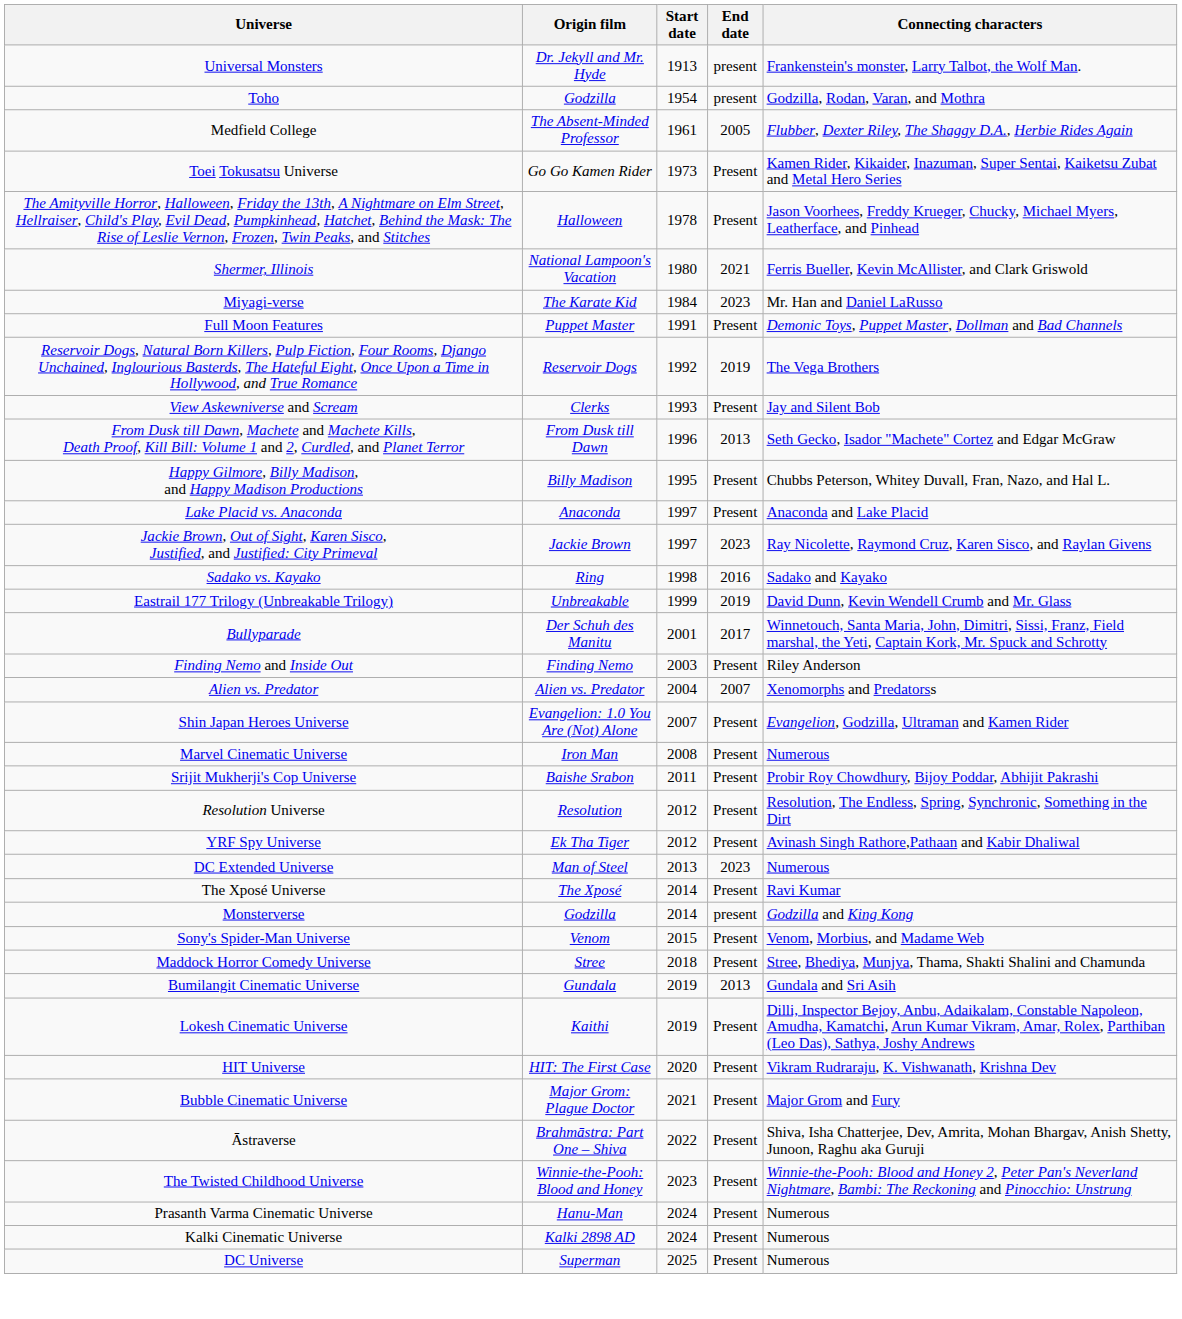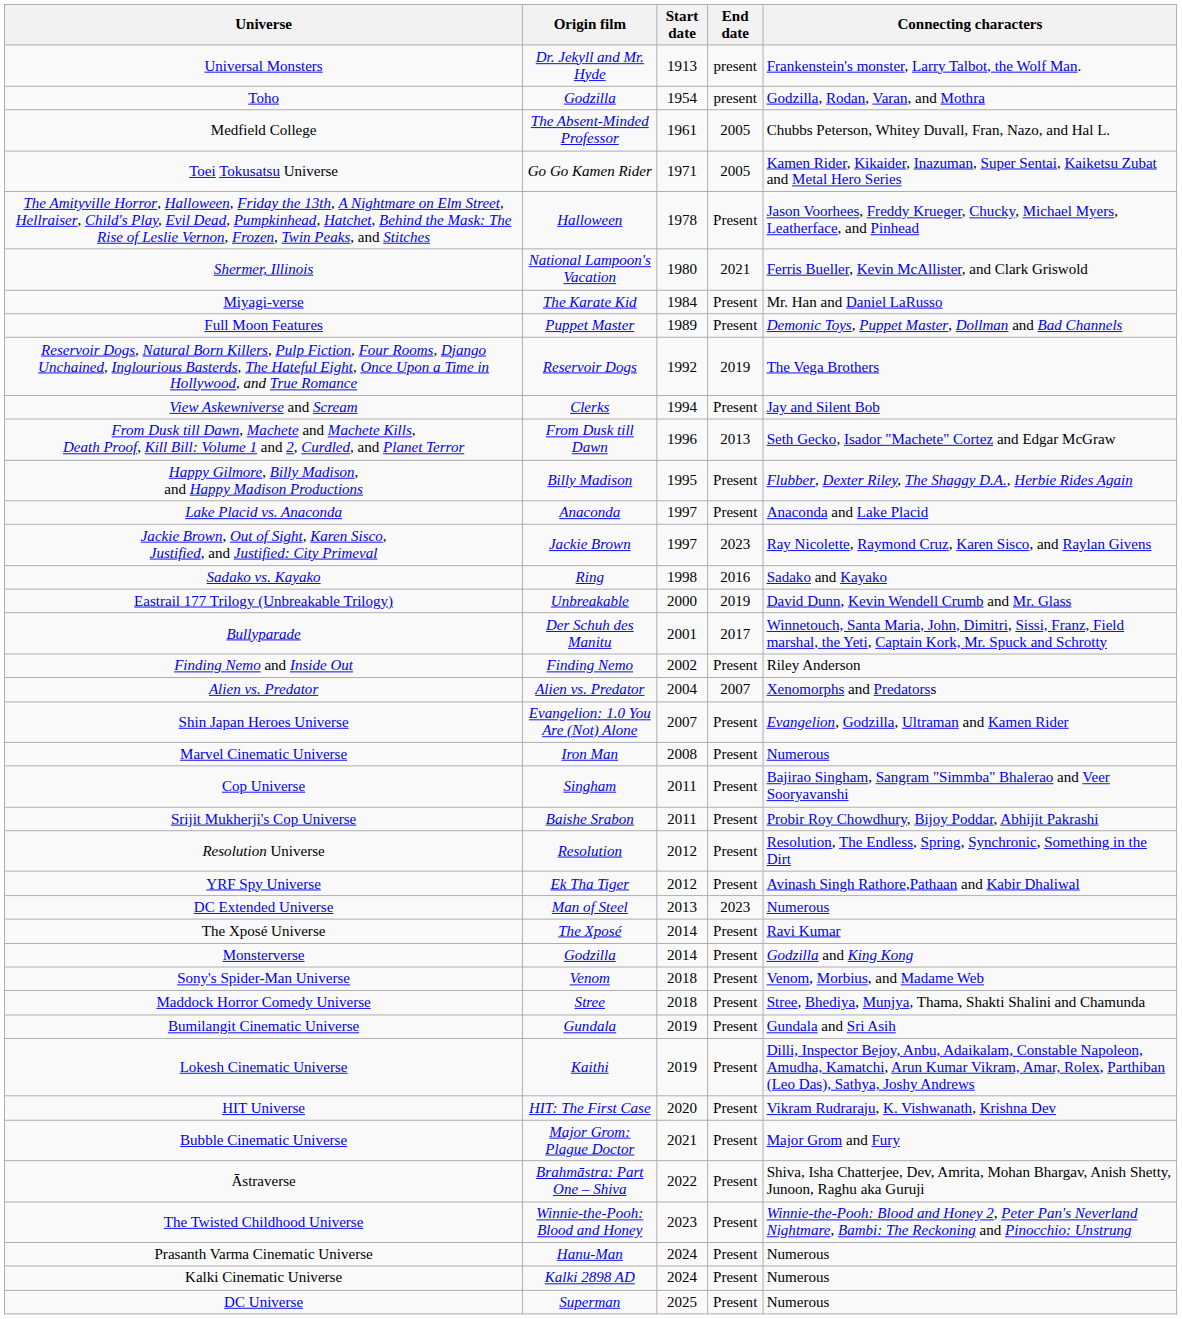 <table class="wikitable sortable">
 <tr>
 <th>Universe</th>
 <th>Origin film</th>
 <th>Start date</th>
 <th>End date</th>
 <th>Connecting characters</th>
 </tr>
 <tr>
 <td style="text-align:center;"><a href='#'>Universal Monsters</a></td>
 <td style="text-align:center;"><em><a href='#'>Dr. Jekyll and Mr. Hyde</a></em></td>
 <td style="text-align:center;">1913</td>
 <td style="text-align:center;">present</td>
 <td><a href='#'>Frankenstein's monster</a>, <a href='#'>Larry Talbot, the Wolf Man</a>.</td>
 </tr>
 <tr>
 <td style="text-align:center;"><a href='#'>Toho</a></td>
 <td style="text-align:center;"><em><a href='#'>Godzilla</a></em></td>
 <td style="text-align:center;">1954</td>
 <td style="text-align:center;">present</td>
 <td><a href='#'>Godzilla</a>, <a href='#'>Rodan</a>, <a href='#'>Varan</a>, and <a href='#'>Mothra</a></td>
 </tr>
 <tr>
 <td style="text-align:center;">Medfield College</td>
 <td style="text-align:center;"><em><a href='#'>The Absent-Minded Professor</a></em></td>
 <td style="text-align:center;">1961</td>
 <td style="text-align:center;">2005</td>
-<td><em><a href='#'>Flubber</a></em>, <a href='#'><em>Dexter Riley</em></a><em>, <a href='#'>The Shaggy D.A.</a>, <a href='#'>Herbie Rides Again</a></em></td>
+<td>Chubbs Peterson, Whitey Duvall, Fran, Nazo, and Hal L.</td>
 </tr>
 <tr>
 <td style="text-align:center;"><a href='#'>Toei</a> <a href='#'>Tokusatsu</a> Universe</td>
 <td style="text-align:center;"><em>Go Go Kamen Rider</em></td>
-<td style="text-align:center;">1973</td>
-<td style="text-align:center;">Present</td>
+<td style="text-align:center;">1971</td>
+<td style="text-align:center;">2005</td>
 <td><a href='#'>Kamen Rider</a>, <a href='#'>Kikaider</a>, <a href='#'>Inazuman</a>, <a href='#'>Super Sentai</a>, <a href='#'>Kaiketsu Zubat</a> and <a href='#'>Metal Hero Series</a></td>
 </tr>
 <tr>
 <td style="text-align:center;"><em><a href='#'>The Amityville Horror</a></em>, <em><a href='#'>Halloween</a></em>, <em><a href='#'>Friday the 13th</a></em>, <em><a href='#'>A Nightmare on Elm Street</a></em>, <em><a href='#'>Hellraiser</a></em>, <em><a href='#'>Child's Play</a>, <a href='#'>Evil Dead</a>, <a href='#'>Pumpkinhead</a>,</em> <em><a href='#'>Hatchet</a></em>, <em><a href='#'>Behind the Mask: The Rise of Leslie Vernon</a></em>, <em><a href='#'>Frozen</a></em>, <a href='#'><em>Twin Peaks</em></a>, and <em><a href='#'>Stitches</a></em></td>
 <td style="text-align:center;"><em><a href='#'>Halloween</a></em></td>
 <td style="text-align:center;">1978</td>
 <td style="text-align:center;">Present</td>
 <td><a href='#'>Jason Voorhees</a>, <a href='#'>Freddy Krueger</a>, <a href='#'>Chucky</a>, <a href='#'>Michael Myers</a>, <a href='#'>Leatherface</a>, and <a href='#'>Pinhead</a></td>
 </tr>
 <tr>
 <td style="text-align:center;"><em><a href='#'>Shermer, Illinois</a></em></td>
 <td style="text-align:center;"><em><a href='#'>National Lampoon's Vacation</a></em></td>
 <td style="text-align:center;">1980</td>
 <td style="text-align:center;">2021</td>
 <td><a href='#'>Ferris Bueller</a>, <a href='#'>Kevin McAllister</a>, and Clark Griswold</td>
 </tr>
 <tr>
 <td style="text-align:center;"><a href='#'>Miyagi-verse</a></td>
 <td style="text-align:center;"><em><a href='#'>The Karate Kid</a></em></td>
 <td style="text-align:center;">1984</td>
-<td style="text-align:center;">2023</td>
+<td style="text-align:center;">Present</td>
 <td>Mr. Han and <a href='#'>Daniel LaRusso</a></td>
 </tr>
 <tr>
 <td style="text-align:center;"><a href='#'>Full Moon Features</a></td>
 <td style="text-align:center;"><a href='#'><em>Puppet Master</em></a></td>
-<td style="text-align:center;">1991</td>
+<td style="text-align:center;">1989</td>
 <td style="text-align:center;">Present</td>
 <td><em><a href='#'>Demonic Toys</a></em>, <em><a href='#'>Puppet Master</a></em>, <em><a href='#'>Dollman</a></em> and <em><a href='#'>Bad Channels</a></em></td>
 </tr>
 <tr>
 <td style="text-align:center;"><em><a href='#'>Reservoir Dogs</a>, <a href='#'>Natural Born Killers</a>,</em> <em><a href='#'>Pulp Fiction</a>,</em> <em><a href='#'>Four Rooms</a>, <a href='#'>Django Unchained</a>, <a href='#'>Inglourious Basterds</a>, <a href='#'>The Hateful Eight</a>, <a href='#'>Once Upon a Time in Hollywood</a>, and <a href='#'>True Romance</a></em></td>
 <td style="text-align:center;"><em><a href='#'>Reservoir Dogs</a></em></td>
 <td style="text-align:center;">1992</td>
 <td style="text-align:center;">2019</td>
 <td><a href='#'>The Vega Brothers</a></td>
 </tr>
 <tr>
 <td style="text-align:center;"><em><a href='#'>View Askewniverse</a></em> and <a href='#'><em>Scream</em></a></td>
 <td style="text-align:center;"><a href='#'><em>Clerks</em></a></td>
-<td style="text-align:center;">1993</td>
+<td style="text-align:center;">1994</td>
 <td style="text-align:center;">Present</td>
 <td><a href='#'>Jay and Silent Bob</a></td>
 </tr>
 <tr>
 <td style="text-align:center;"><a href='#'><em>From Dusk till Dawn</em></a>, <a href='#'><em>Machete</em></a> and <em><a href='#'>Machete Kills</a></em>,<br><em><a href='#'>Death Proof</a></em>, <em><a href='#'>Kill Bill: Volume 1</a></em> and <a href='#'><em>2</em></a>, <em><a href='#'>Curdled</a>, </em> and <em><a href='#'>Planet Terror</a></em></td>
 <td style="text-align:center;"><em><a href='#'>From Dusk till Dawn</a></em></td>
 <td style="text-align:center;">1996</td>
 <td style="text-align:center;">2013</td>
 <td><a href='#'>Seth Gecko</a>, <a href='#'>Isador "Machete" Cortez</a> and Edgar McGraw</td>
 </tr>
 <tr>
 <td style="text-align:center;"><em><a href='#'>Happy Gilmore</a></em>, <em><a href='#'>Billy Madison</a></em>,<br>and <em><a href='#'>Happy Madison Productions</a></em></td>
 <td style="text-align:center;"><em><a href='#'>Billy Madison</a></em></td>
 <td style="text-align:center;">1995</td>
 <td style="text-align:center;">Present</td>
-<td>Chubbs Peterson, Whitey Duvall, Fran, Nazo, and Hal L.</td>
+<td><em><a href='#'>Flubber</a></em>, <a href='#'><em>Dexter Riley</em></a><em>, <a href='#'>The Shaggy D.A.</a>, <a href='#'>Herbie Rides Again</a></em></td>
 </tr>
 <tr>
 <td style="text-align:center;"><em><a href='#'>Lake Placid vs. Anaconda</a></em></td>
 <td style="text-align:center;"><a href='#'><em>Anaconda</em></a></td>
 <td style="text-align:center;">1997</td>
 <td style="text-align:center;">Present</td>
 <td><a href='#'>Anaconda</a> and <a href='#'>Lake Placid</a></td>
 </tr>
 <tr>
 <td style="text-align:center;"><em><a href='#'>Jackie Brown</a></em>, <em><a href='#'>Out of Sight</a></em>, <em><a href='#'>Karen Sisco</a></em>,<br><em><a href='#'>Justified</a></em>, and <em><a href='#'>Justified: City Primeval</a></em></td>
 <td style="text-align:center;"><em><a href='#'>Jackie Brown</a></em></td>
 <td style="text-align:center;">1997</td>
 <td style="text-align:center;">2023</td>
 <td><a href='#'>Ray Nicolette</a>, <a href='#'>Raymond Cruz</a>, <a href='#'>Karen Sisco</a>, and <a href='#'>Raylan Givens</a></td>
 </tr>
 <tr>
 <td style="text-align:center;"><em><a href='#'>Sadako vs. Kayako</a></em></td>
 <td style="text-align:center;"><a href='#'><em>Ring</em></a></td>
 <td style="text-align:center;">1998</td>
 <td style="text-align:center;">2016</td>
 <td><a href='#'>Sadako</a> and <a href='#'>Kayako</a></td>
 </tr>
 <tr>
 <td style="text-align:center;"><a href='#'>Eastrail 177 Trilogy (Unbreakable Trilogy)</a></td>
 <td style="text-align:center;"><a href='#'><em>Unbreakable</em></a></td>
-<td style="text-align:center;">1999</td>
+<td style="text-align:center;">2000</td>
 <td style="text-align:center;">2019</td>
 <td><a href='#'>David Dunn</a>, <a href='#'>Kevin Wendell Crumb</a> and <a href='#'>Mr. Glass</a></td>
 </tr>
 <tr>
 <td style="text-align:center;"><em><a href='#'>Bullyparade</a></em></td>
 <td style="text-align:center;"><em><a href='#'>Der Schuh des Manitu</a></em></td>
 <td style="text-align:center;">2001</td>
 <td style="text-align:center;">2017</td>
 <td><a href='#'>Winnetouch, Santa Maria, John, Dimitri</a>, <a href='#'>Sissi, Franz, Field marshal, the Yeti</a>, <a href='#'>Captain Kork, Mr. Spuck and Schrotty</a></td>
 </tr>
 <tr>
 <td style="text-align:center;"><em><a href='#'>Finding Nemo</a></em> and <em><a href='#'>Inside Out</a></em></td>
 <td style="text-align:center;"><em><a href='#'>Finding Nemo</a></em></td>
-<td style="text-align:center;">2003</td>
+<td style="text-align:center;">2002</td>
 <td style="text-align:center;">Present</td>
 <td>Riley Anderson</td>
 </tr>
 <tr>
 <td style="text-align:center;"><em><a href='#'>Alien vs. Predator</a></em></td>
 <td style="text-align:center;"><em><a href='#'>Alien vs. Predator</a></em></td>
 <td style="text-align:center;">2004</td>
 <td style="text-align:center;">2007</td>
 <td><a href='#'>Xenomorphs</a> and <a href='#'>Predators</a>s</td>
 </tr>
 <tr>
 <td style="text-align:center;"><a href='#'>Shin Japan Heroes Universe</a></td>
 <td style="text-align:center;"><em><a href='#'>Evangelion: 1.0 You Are (Not) Alone</a></em></td>
 <td style="text-align:center;">2007</td>
 <td style="text-align:center;">Present</td>
 <td><em><a href='#'>Evangelion</a></em>, <a href='#'>Godzilla</a>, <a href='#'>Ultraman</a> and <a href='#'>Kamen Rider</a></td>
 </tr>
 <tr>
 <td style="text-align:center;"><a href='#'>Marvel Cinematic Universe</a></td>
 <td style="text-align:center;"><a href='#'><em>Iron Man</em></a></td>
 <td style="text-align:center;">2008</td>
 <td style="text-align:center;">Present</td>
 <td><a href='#'>Numerous</a></td>
+</tr>
+<tr>
+<td style="text-align:center;"><a href='#'>Cop Universe</a></td>
+<td style="text-align:center;"><em><a href='#'>Singham</a></em></td>
+<td style="text-align:center;">2011</td>
+<td style="text-align:center;">Present</td>
+<td><a href='#'>Bajirao Singham</a>, <a href='#'>Sangram "Simmba" Bhalerao</a> and <a href='#'>Veer Sooryavanshi</a></td>
 </tr>
 <tr>
 <td style="text-align:center;"><a href='#'>Srijit Mukherji's Cop Universe</a></td>
 <td style="text-align:center;"><em><a href='#'>Baishe Srabon</a></em></td>
 <td style="text-align:center;">2011</td>
 <td style="text-align:center;">Present</td>
 <td><a href='#'>Probir Roy Chowdhury</a>, <a href='#'>Bijoy Poddar</a>, <a href='#'>Abhijit Pakrashi</a></td>
 </tr>
 <tr>
 <td style="text-align:center;"><em>Resolution</em> Universe</td>
 <td style="text-align:center;"><em><a href='#'>Resolution</a></em></td>
 <td style="text-align:center;">2012</td>
 <td style="text-align:center;">Present</td>
 <td><a href='#'>Resolution</a>, <a href='#'>The Endless</a>, <a href='#'>Spring</a>,  <a href='#'>Synchronic</a>,  <a href='#'>Something in the Dirt</a></td>
 </tr>
 <tr>
 <td style="text-align:center;"><a href='#'>YRF Spy Universe</a></td>
 <td style="text-align:center;"><em><a href='#'>Ek Tha Tiger</a></em></td>
 <td style="text-align:center;">2012</td>
 <td style="text-align:center;">Present</td>
 <td><a href='#'>Avinash Singh Rathore</a>,<a href='#'>Pathaan</a> and <a href='#'>Kabir Dhaliwal</a></td>
 </tr>
 <tr>
 <td style="text-align:center;"><a href='#'>DC Extended Universe</a></td>
 <td style="text-align:center;"><em><a href='#'>Man of Steel</a></em></td>
 <td style="text-align:center;">2013</td>
 <td style="text-align:center;">2023</td>
 <td><a href='#'>Numerous</a></td>
 </tr>
 <tr>
 <td style="text-align:center;">The Xposé Universe</td>
 <td style="text-align:center;"><em><a href='#'>The Xposé</a></em></td>
 <td style="text-align:center;">2014</td>
 <td style="text-align:center;">Present</td>
 <td><a href='#'>Ravi Kumar</a></td>
 </tr>
 <tr>
 <td style="text-align:center;"><a href='#'>Monsterverse</a></td>
 <td style="text-align:center;"><em><a href='#'>Godzilla</a></em></td>
 <td style="text-align:center;">2014</td>
-<td style="text-align:center;">present</td>
+<td style="text-align:center;">Present</td>
 <td><em><a href='#'>Godzilla</a></em> and <em><a href='#'>King Kong</a></em></td>
 </tr>
 <tr>
 <td style="text-align:center;"><a href='#'>Sony's Spider-Man Universe</a></td>
 <td style="text-align:center;"><em><a href='#'>Venom</a></em></td>
-<td style="text-align:center;">2015</td>
+<td style="text-align:center;">2018</td>
 <td style="text-align:center;">Present</td>
 <td><a href='#'>Venom</a>, <a href='#'>Morbius</a>, and <a href='#'>Madame Web</a></td>
 </tr>
 <tr>
 <td style="text-align:center;"><a href='#'>Maddock Horror Comedy Universe</a></td>
 <td style="text-align:center;"><em><a href='#'>Stree</a></em></td>
 <td style="text-align:center;">2018</td>
 <td style="text-align:center;">Present</td>
 <td><a href='#'>Stree</a>, <a href='#'>Bhediya</a>, <a href='#'>Munjya</a>, Thama, Shakti Shalini and Chamunda</td>
 </tr>
 <tr>
 <td style="text-align:center;"><a href='#'>Bumilangit Cinematic Universe</a></td>
 <td style="text-align:center;"><em><a href='#'>Gundala</a></em></td>
 <td style="text-align:center;">2019</td>
-<td style="text-align:center;">2013</td>
+<td style="text-align:center;">Present</td>
 <td><a href='#'>Gundala</a> and <a href='#'>Sri Asih</a></td>
 </tr>
 <tr>
 <td style="text-align:center;"><a href='#'>Lokesh Cinematic Universe</a></td>
 <td style="text-align:center;"><em><a href='#'>Kaithi</a></em></td>
 <td style="text-align:center;">2019</td>
 <td style="text-align:center;">Present</td>
 <td><a href='#'>Dilli, Inspector Bejoy, Anbu, Adaikalam, Constable Napoleon, Amudha, Kamatchi</a>, <a href='#'>Arun Kumar Vikram, Amar, Rolex</a>,  <a href='#'>Parthiban (Leo Das), Sathya, Joshy Andrews</a></td>
 </tr>
 <tr>
 <td style="text-align:center;"><a href='#'>HIT Universe</a></td>
 <td style="text-align:center;"><em><a href='#'>HIT: The First Case</a></em></td>
 <td style="text-align:center;">2020</td>
 <td style="text-align:center;">Present</td>
 <td><a href='#'>Vikram Rudraraju</a>, <a href='#'>K. Vishwanath</a>, <a href='#'>Krishna Dev</a></td>
 </tr>
 <tr>
 <td style="text-align:center;"><a href='#'>Bubble Cinematic Universe</a></td>
 <td style="text-align:center;"><em><a href='#'>Major Grom: Plague Doctor</a></em></td>
 <td style="text-align:center;">2021</td>
 <td style="text-align:center;">Present</td>
 <td><a href='#'>Major Grom</a> and <a href='#'>Fury</a></td>
 </tr>
 <tr>
 <td style="text-align:center;">Āstraverse</td>
 <td style="text-align:center;"><em><a href='#'>Brahmāstra: Part One – Shiva</a></em></td>
 <td style="text-align:center;">2022</td>
 <td style="text-align:center;">Present</td>
 <td>Shiva, Isha Chatterjee, Dev, Amrita, Mohan Bhargav, Anish Shetty, Junoon, Raghu aka Guruji</td>
 </tr>
 <tr>
 <td style="text-align:center;"><a href='#'>The Twisted Childhood Universe</a></td>
 <td style="text-align:center;"><em><a href='#'>Winnie-the-Pooh: Blood and Honey</a></em></td>
 <td style="text-align:center;">2023</td>
 <td style="text-align:center;">Present</td>
 <td><em><a href='#'>Winnie-the-Pooh: Blood and Honey 2</a></em>, <em><a href='#'>Peter Pan's Neverland Nightmare</a></em>, <em><a href='#'>Bambi: The Reckoning</a></em> and <em><a href='#'>Pinocchio: Unstrung</a></em></td>
 </tr>
 <tr>
 <td style="text-align:center;">Prasanth Varma Cinematic Universe</td>
 <td style="text-align:center;"><em><a href='#'>Hanu-Man</a></em></td>
 <td style="text-align:center;">2024</td>
 <td style="text-align:center;">Present</td>
 <td>Numerous</td>
 </tr>
 <tr>
 <td style="text-align:center;">Kalki Cinematic Universe</td>
 <td style="text-align:center;"><em><a href='#'>Kalki 2898 AD</a></em></td>
 <td style="text-align:center;">2024</td>
 <td style="text-align:center;">Present</td>
 <td>Numerous</td>
 </tr>
 <tr>
 <td style="text-align:center;"><a href='#'>DC Universe</a></td>
 <td style="text-align:center;"><em><a href='#'>Superman</a></em></td>
 <td style="text-align:center;">2025</td>
 <td style="text-align:center;">Present</td>
 <td>Numerous</td>
 </tr>
 </table>
